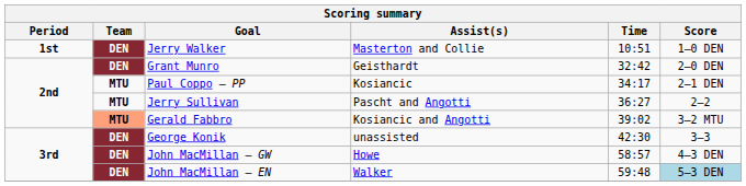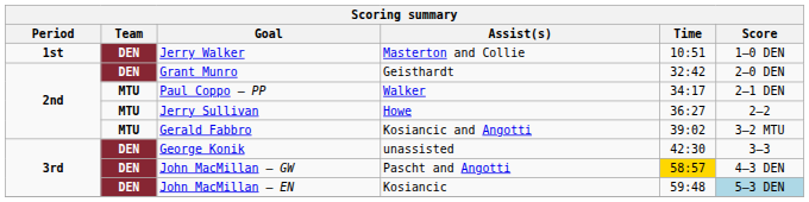 <table style="width:100%;" class="wikitable">
 <tr>
 <th colspan=6>Scoring summary</th>
 </tr>
 <tr>
 <th style="width:12%;">Period</th>
 <th style="width:7%;">Team</th>
 <th style="width:28%;">Goal</th>
 <th style="width:35%;">Assist(s)</th>
 <th style="width:7%;">Time</th>
 <th style="width:11%;">Score</th>
 </tr>
 <tr>
 <td style="text-align:center;" rowspan="1"><strong>1st</strong></td>
 <td align=center style="color:white; background:#862633; "><strong>DEN</strong></td>
 <td><a href='#'>Jerry Walker</a></td>
 <td><a href='#'>Masterton</a> and Collie</td>
 <td align=center>10:51</td>
 <td align=center>1–0 DEN</td>
 </tr>
 <tr>
 <td style="text-align:center;" rowspan="4"><strong>2nd</strong></td>
 <td align=center style="color:white; background:#862633; "><strong>DEN</strong></td>
 <td><a href='#'>Grant Munro</a></td>
 <td>Geisthardt</td>
 <td align=center>32:42</td>
 <td align=center>2–0 DEN</td>
 </tr>
 <tr>
 <td align=center><strong>MTU</strong></td>
 <td><a href='#'>Paul Coppo</a> – <em>PP</em></td>
-<td>Kosiancic</td>
+<td><a href='#'>Walker</a></td>
 <td align=center>34:17</td>
 <td align=center>2–1 DEN</td>
 </tr>
 <tr>
 <td align=center><strong>MTU</strong></td>
 <td><a href='#'>Jerry Sullivan</a></td>
-<td>Pascht and <a href='#'>Angotti</a></td>
+<td><a href='#'>Howe</a></td>
 <td align=center>36:27</td>
 <td align=center>2–2</td>
 </tr>
 <tr>
-<td align=center style="background: lightsalmon;"><strong>MTU</strong></td>
+<td align=center><strong>MTU</strong></td>
 <td><a href='#'>Gerald Fabbro</a></td>
 <td>Kosiancic and <a href='#'>Angotti</a></td>
 <td align=center>39:02</td>
 <td align=center>3–2 MTU</td>
 </tr>
 <tr>
 <td style="text-align:center;" rowspan="3"><strong>3rd</strong></td>
 <td align=center style="color:white; background:#862633; "><strong>DEN</strong></td>
 <td><a href='#'>George Konik</a></td>
 <td>unassisted</td>
 <td align=center>42:30</td>
 <td align=center>3–3</td>
 </tr>
 <tr>
 <td align=center style="color:white; background:#862633; "><strong>DEN</strong></td>
 <td><a href='#'>John MacMillan</a> – <em>GW</em></td>
-<td><a href='#'>Howe</a></td>
-<td align=center>58:57</td>
+<td>Pascht and <a href='#'>Angotti</a></td>
+<td align=center style="background: gold;">58:57</td>
 <td align=center>4–3 DEN</td>
 </tr>
 <tr>
 <td align=center style="color:white; background:#862633; "><strong>DEN</strong></td>
 <td><a href='#'>John MacMillan</a> – <em>EN</em></td>
-<td><a href='#'>Walker</a></td>
+<td>Kosiancic</td>
 <td align=center>59:48</td>
 <td align=center style="background: lightblue;">5–3 DEN</td>
 </tr>
 <tr>
 </tr>
 </table>
